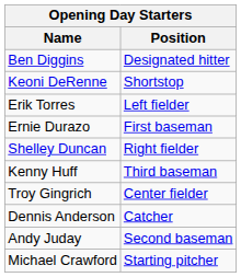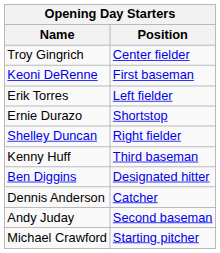 <table class="wikitable" style="text-align:left">
 <tr>
 <th colspan="2">Opening Day Starters</th>
 </tr>
 <tr>
 <th>Name</th>
 <th>Position</th>
 </tr>
 <tr>
-<td><a href='#'>Ben Diggins</a></td>
-<td><a href='#'>Designated hitter</a></td>
+<td>Troy Gingrich</td>
+<td><a href='#'>Center fielder</a></td>
 </tr>
 <tr>
 <td><a href='#'>Keoni DeRenne</a></td>
-<td><a href='#'>Shortstop</a></td>
+<td><a href='#'>First baseman</a></td>
 </tr>
 <tr>
 <td>Erik Torres</td>
 <td><a href='#'>Left fielder</a></td>
 </tr>
 <tr>
 <td>Ernie Durazo</td>
-<td><a href='#'>First baseman</a></td>
+<td><a href='#'>Shortstop</a></td>
 </tr>
 <tr>
 <td><a href='#'>Shelley Duncan</a></td>
 <td><a href='#'>Right fielder</a></td>
 </tr>
 <tr>
 <td>Kenny Huff</td>
 <td><a href='#'>Third baseman</a></td>
 </tr>
 <tr>
-<td>Troy Gingrich</td>
-<td><a href='#'>Center fielder</a></td>
+<td><a href='#'>Ben Diggins</a></td>
+<td><a href='#'>Designated hitter</a></td>
 </tr>
 <tr>
 <td>Dennis Anderson</td>
 <td><a href='#'>Catcher</a></td>
 </tr>
 <tr>
 <td>Andy Juday</td>
 <td><a href='#'>Second baseman</a></td>
 </tr>
 <tr>
 <td>Michael Crawford</td>
 <td><a href='#'>Starting pitcher</a></td>
 </tr>
 </table>
